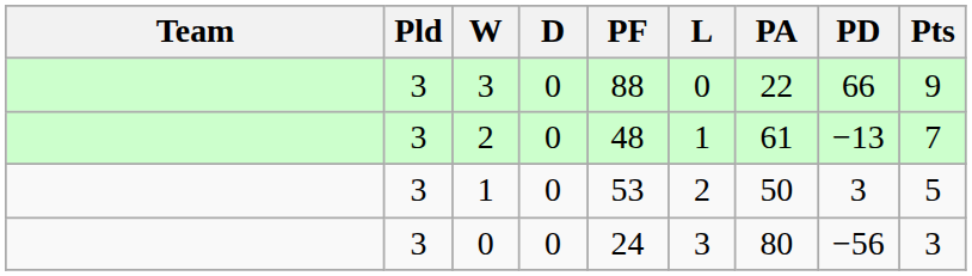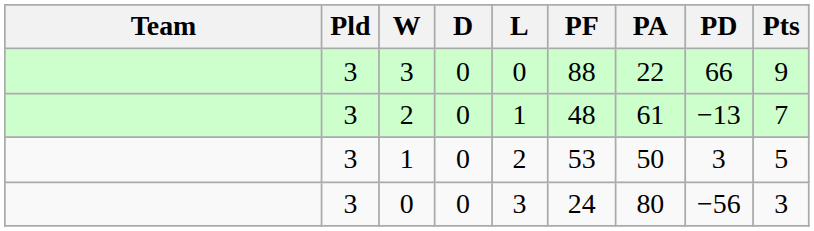 <table class="wikitable" style="text-align:center;">
 <tr>
 <th width=175>Team</th>
 <th width=25 abbr="Played">Pld</th>
 <th width=25 abbr="Won">W</th>
 <th width=25 abbr="Drawn">D</th>
+<th width=25 abbr="Lost">L</th>
 <th width=32 abbr="Points for">PF</th>
-<th width=25 abbr="Lost">L</th>
 <th width=32 abbr="Points against">PA</th>
 <th width=32 abbr="Points difference">PD</th>
 <th width=25 abbr="Points">Pts</th>
 </tr>
 <tr bgcolor="#ccffcc">
 <td align=left></td>
 <td>3</td>
 <td>3</td>
 <td>0</td>
+<td>0</td>
 <td>88</td>
-<td>0</td>
 <td>22</td>
 <td>66</td>
 <td>9</td>
 </tr>
 <tr bgcolor="#ccffcc">
 <td align=left></td>
 <td>3</td>
 <td>2</td>
 <td>0</td>
+<td>1</td>
 <td>48</td>
-<td>1</td>
 <td>61</td>
 <td>−13</td>
 <td>7</td>
 </tr>
 <tr>
 <td align=left></td>
 <td>3</td>
 <td>1</td>
 <td>0</td>
+<td>2</td>
 <td>53</td>
-<td>2</td>
 <td>50</td>
 <td>3</td>
 <td>5</td>
 </tr>
 <tr>
 <td align=left></td>
 <td>3</td>
 <td>0</td>
 <td>0</td>
+<td>3</td>
 <td>24</td>
-<td>3</td>
 <td>80</td>
 <td>−56</td>
 <td>3</td>
 </tr>
 </table>
